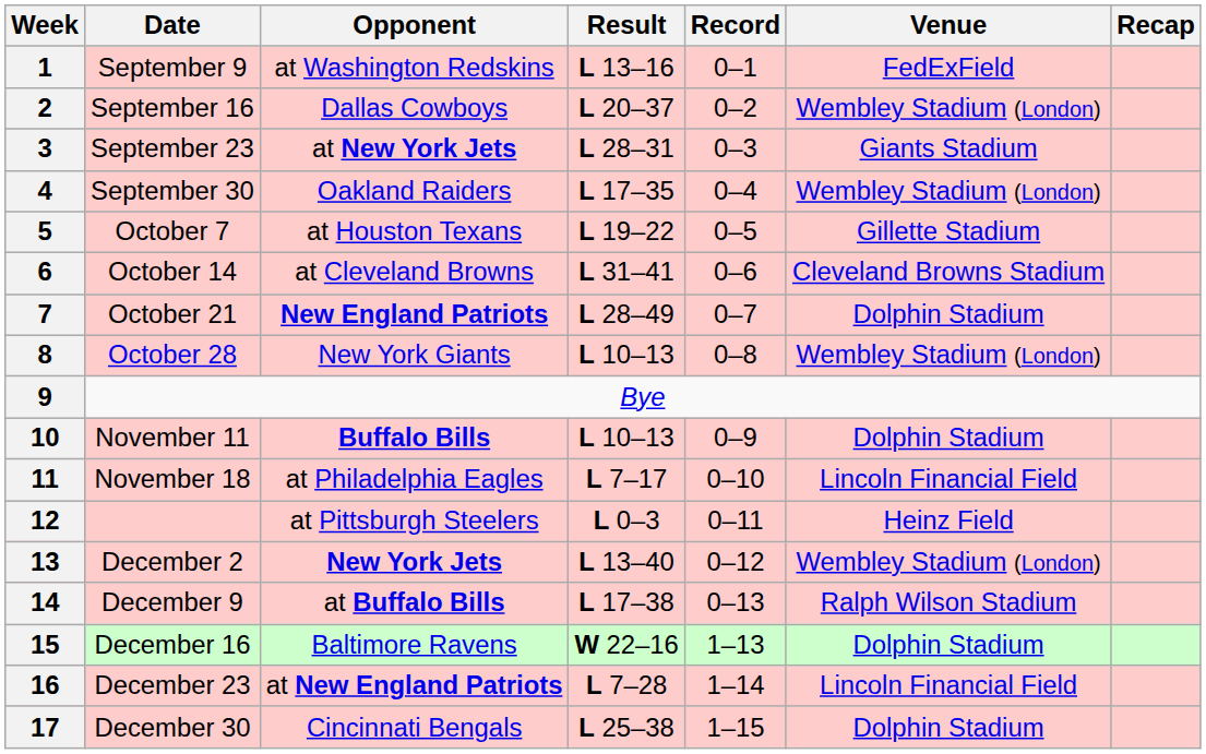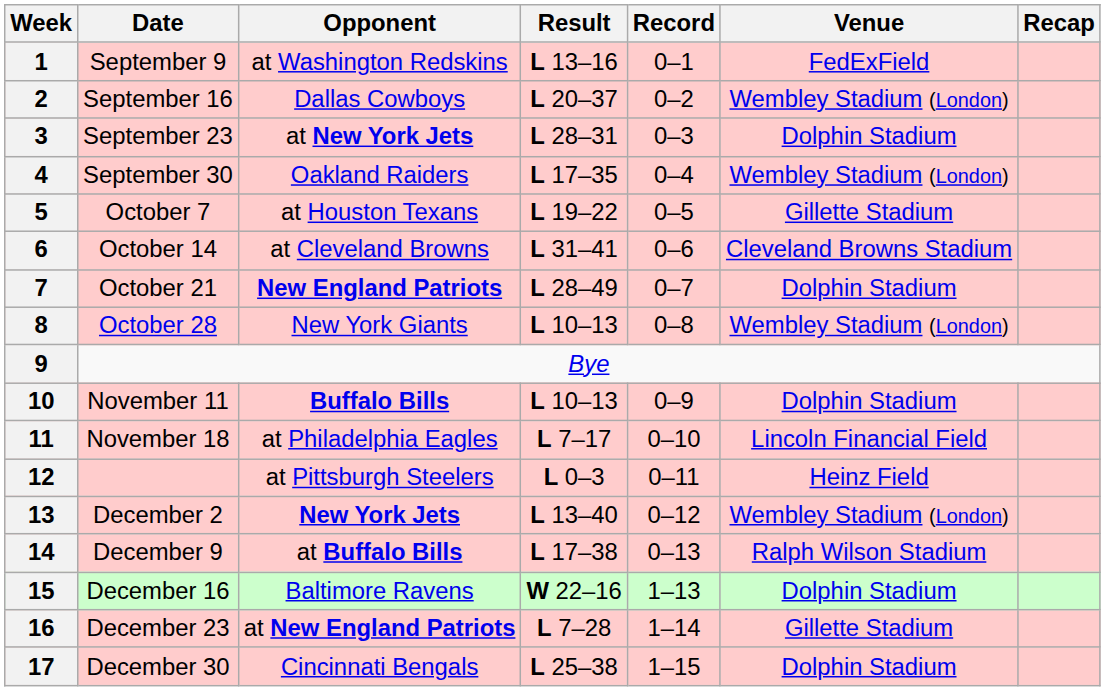 <table class="wikitable" style="text-align:center">
 <tr>
 <th>Week</th>
 <th>Date</th>
 <th>Opponent</th>
 <th>Result</th>
 <th>Record</th>
 <th>Venue</th>
 <th>Recap</th>
 </tr>
 <tr style="background:#fcc;">
 <th>1</th>
 <td>September 9</td>
 <td>at <a href='#'>Washington Redskins</a></td>
 <td><strong>L</strong> 13–16 </td>
 <td>0–1</td>
 <td><a href='#'>FedExField</a></td>
 <td></td>
 </tr>
 <tr style="background:#fcc;">
 <th>2</th>
 <td>September 16</td>
 <td><a href='#'>Dallas Cowboys</a></td>
 <td><strong>L</strong> 20–37</td>
 <td>0–2</td>
 <td> <a href='#'>Wembley Stadium</a> <small>(<a href='#'>London</a>)</small></td>
 <td></td>
 </tr>
 <tr style="background:#fcc;">
 <th>3</th>
 <td>September 23</td>
 <td>at <strong><a href='#'>New York Jets</a></strong></td>
 <td><strong>L</strong> 28–31</td>
 <td>0–3</td>
-<td><a href='#'>Giants Stadium</a></td>
+<td><a href='#'>Dolphin Stadium</a></td>
 <td></td>
 </tr>
 <tr style="background:#fcc;">
 <th>4</th>
 <td>September 30</td>
 <td><a href='#'>Oakland Raiders</a></td>
 <td><strong>L</strong> 17–35</td>
 <td>0–4</td>
 <td> <a href='#'>Wembley Stadium</a> <small>(<a href='#'>London</a>)</small></td>
 <td></td>
 </tr>
 <tr style="background:#fcc;">
 <th>5</th>
 <td>October 7</td>
 <td>at <a href='#'>Houston Texans</a></td>
 <td><strong>L</strong> 19–22</td>
 <td>0–5</td>
 <td><a href='#'>Gillette Stadium</a></td>
 <td></td>
 </tr>
 <tr style="background:#fcc;">
 <th>6</th>
 <td>October 14</td>
 <td>at <a href='#'>Cleveland Browns</a></td>
 <td><strong>L</strong> 31–41</td>
 <td>0–6</td>
 <td><a href='#'>Cleveland Browns Stadium</a></td>
 <td></td>
 </tr>
 <tr style="background:#fcc;">
 <th>7</th>
 <td>October 21</td>
 <td><strong><a href='#'>New England Patriots</a></strong></td>
 <td><strong>L</strong> 28–49</td>
 <td>0–7</td>
 <td><a href='#'>Dolphin Stadium</a></td>
 <td></td>
 </tr>
 <tr style="background:#fcc;">
 <th>8</th>
 <td><a href='#'>October 28</a></td>
 <td><a href='#'>New York Giants</a></td>
 <td><strong>L</strong> 10–13</td>
 <td>0–8</td>
 <td> <a href='#'>Wembley Stadium</a> <small>(<a href='#'>London</a>)</small></td>
 <td></td>
 </tr>
 <tr style="text-align:center;">
 <th>9</th>
 <td colspan="6" style="text-align:center;"><em><a href='#'>Bye</a></em></td>
 </tr>
 <tr style="background:#fcc;">
 <th>10</th>
 <td>November 11</td>
 <td><strong><a href='#'>Buffalo Bills</a></strong></td>
 <td><strong>L</strong> 10–13</td>
 <td>0–9</td>
 <td><a href='#'>Dolphin Stadium</a></td>
 <td></td>
 </tr>
 <tr style="background:#fcc;">
 <th>11</th>
 <td>November 18</td>
 <td>at <a href='#'>Philadelphia Eagles</a></td>
 <td><strong>L</strong> 7–17</td>
 <td>0–10</td>
 <td><a href='#'>Lincoln Financial Field</a></td>
 <td></td>
 </tr>
 <tr style="background:#fcc;">
 <th>12</th>
 <td></td>
 <td>at <a href='#'>Pittsburgh Steelers</a></td>
 <td><strong>L</strong> 0–3</td>
 <td>0–11</td>
 <td><a href='#'>Heinz Field</a></td>
 <td></td>
 </tr>
 <tr style="background:#fcc;">
 <th>13</th>
 <td>December 2</td>
 <td><strong><a href='#'>New York Jets</a></strong></td>
 <td><strong>L</strong> 13–40</td>
 <td>0–12</td>
 <td> <a href='#'>Wembley Stadium</a> <small>(<a href='#'>London</a>)</small></td>
 <td></td>
 </tr>
 <tr style="background:#fcc;">
 <th>14</th>
 <td>December 9</td>
 <td>at <strong><a href='#'>Buffalo Bills</a></strong></td>
 <td><strong>L</strong> 17–38</td>
 <td>0–13</td>
 <td><a href='#'>Ralph Wilson Stadium</a></td>
 <td></td>
 </tr>
 <tr style="background:#cfc;">
 <th>15</th>
 <td>December 16</td>
 <td><a href='#'>Baltimore Ravens</a></td>
 <td><strong>W</strong> 22–16 </td>
 <td>1–13</td>
 <td><a href='#'>Dolphin Stadium</a></td>
 <td></td>
 </tr>
 <tr style="background:#fcc;">
 <th>16</th>
 <td>December 23</td>
 <td>at <strong><a href='#'>New England Patriots</a></strong></td>
 <td><strong>L</strong> 7–28</td>
 <td>1–14</td>
-<td><a href='#'>Lincoln Financial Field</a></td>
+<td><a href='#'>Gillette Stadium</a></td>
 <td></td>
 </tr>
 <tr style="background:#fcc;">
 <th>17</th>
 <td>December 30</td>
 <td><a href='#'>Cincinnati Bengals</a></td>
 <td><strong>L</strong> 25–38</td>
 <td>1–15</td>
 <td><a href='#'>Dolphin Stadium</a></td>
 <td></td>
 </tr>
 </table>
